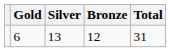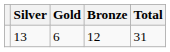 <table class="wikitable">
 <tr>
 <th></th>
+<th>Silver</th>
 <th>Gold</th>
-<th>Silver</th>
 <th>Bronze</th>
 <th>Total</th>
 </tr>
 <tr>
 <td></td>
+<td>13</td>
 <td>6</td>
-<td>13</td>
 <td>12</td>
 <td>31</td>
 </tr>
 </table>
